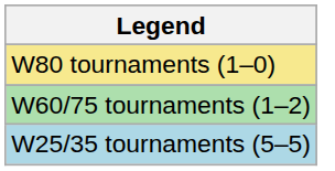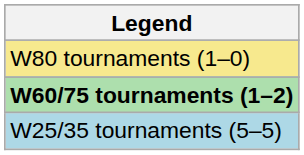 <table class=wikitable style="font-size:85%">
 <tr>
 <th>Legend</th>
 </tr>
 <tr style="background:#f7e98e;">
 <td>W80 tournaments (1–0)</td>
 </tr>
 <tr style="background:#addfad;">
-<td>W60/75 tournaments (1–2)</td>
+<td><strong>W60/75 tournaments (1–2)</strong></td>
 </tr>
 <tr style="background:lightblue;">
 <td>W25/35 tournaments (5–5)</td>
 </tr>
 </table>
